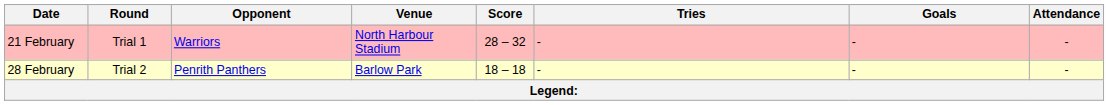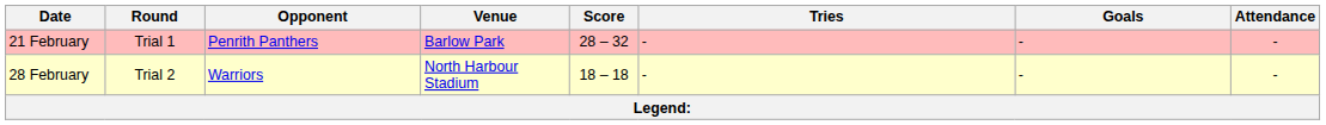 <table class="wikitable" style="font-size:75%;">
 <tr>
 <th style="width:75px;">Date</th>
 <th style="width:75px;">Round</th>
 <th style="width:170px;">Opponent</th>
 <th style="width:115px;">Venue</th>
 <th style="width:50px;">Score</th>
 <th style="width:300px;">Tries</th>
 <th style="width:170px;">Goals</th>
 <th style="width:60px;">Attendance</th>
 </tr>
 <tr style="background:#FFBBBB">
 <td>21 February</td>
 <td style="text-align:center;">Trial 1</td>
-<td> <a href='#'>Warriors</a></td>
-<td><a href='#'>North Harbour Stadium</a></td>
+<td> <a href='#'>Penrith Panthers</a></td>
+<td><a href='#'>Barlow Park</a></td>
 <td style="text-align:center;">28 – 32</td>
 <td>-</td>
 <td>-</td>
 <td style="text-align:center;">-</td>
 </tr>
 <tr style="background:#FFFFCC">
 <td>28 February</td>
 <td style="text-align:center;">Trial 2</td>
-<td> <a href='#'>Penrith Panthers</a></td>
-<td><a href='#'>Barlow Park</a></td>
+<td> <a href='#'>Warriors</a></td>
+<td><a href='#'>North Harbour Stadium</a></td>
 <td style="text-align:center;">18 – 18</td>
 <td>-</td>
 <td>-</td>
 <td style="text-align:center;">-</td>
 </tr>
 <tr>
 <th colspan="11"><strong>Legend</strong>:   </th>
 </tr>
 </table>
